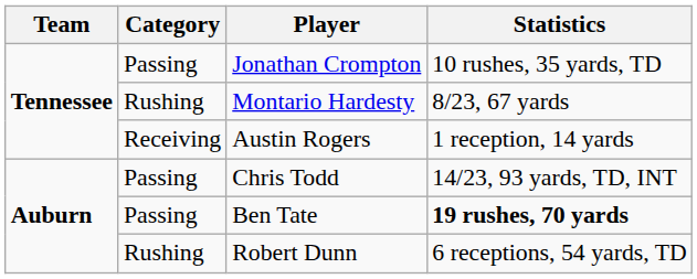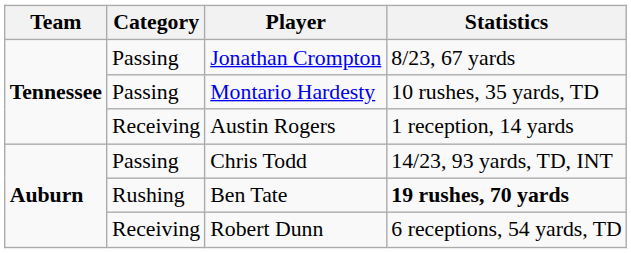 <table class="wikitable" style="float: left;">
 <tr>
 <th>Team</th>
 <th>Category</th>
 <th>Player</th>
 <th>Statistics</th>
 </tr>
 <tr>
 <td rowspan=3><strong>Tennessee</strong></td>
 <td>Passing</td>
 <td><a href='#'>Jonathan Crompton</a></td>
-<td>10 rushes, 35 yards, TD</td>
+<td>8/23, 67 yards</td>
 </tr>
 <tr>
-<td>Rushing</td>
+<td>Passing</td>
 <td><a href='#'>Montario Hardesty</a></td>
-<td>8/23, 67 yards</td>
+<td>10 rushes, 35 yards, TD</td>
 </tr>
 <tr>
 <td>Receiving</td>
 <td>Austin Rogers</td>
 <td>1 reception, 14 yards</td>
 </tr>
 <tr>
 <td rowspan=3><strong>Auburn</strong></td>
 <td>Passing</td>
 <td>Chris Todd</td>
 <td>14/23, 93 yards, TD, INT</td>
 </tr>
 <tr>
-<td>Passing</td>
+<td>Rushing</td>
 <td>Ben Tate</td>
 <td><strong>19 rushes, 70 yards</strong></td>
 </tr>
 <tr>
-<td>Rushing</td>
+<td>Receiving</td>
 <td>Robert Dunn</td>
 <td>6 receptions, 54 yards, TD</td>
 </tr>
 </table>
